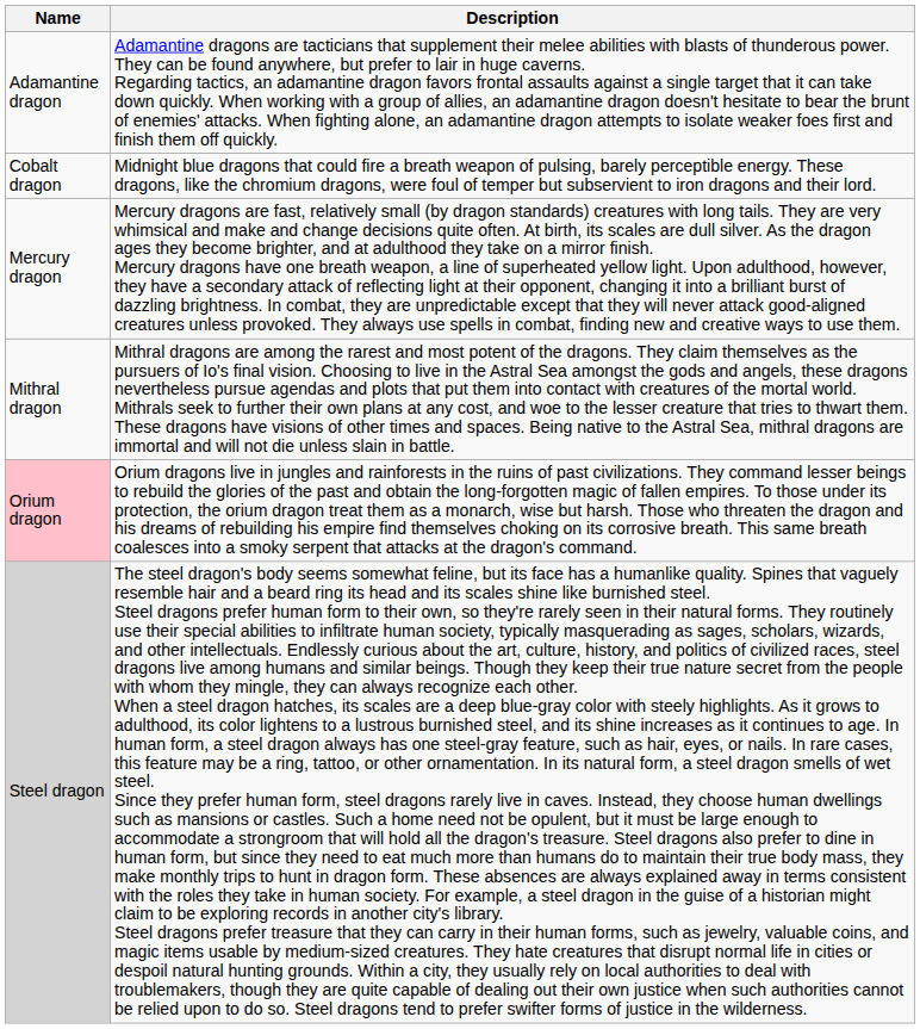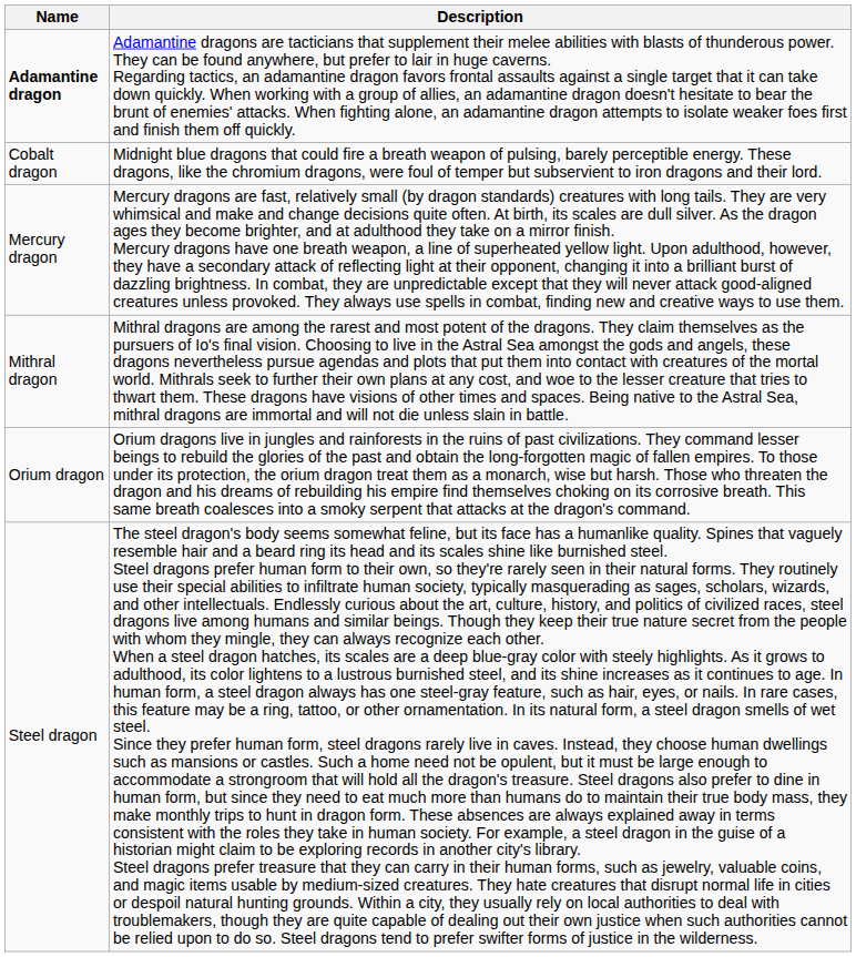 <table class="wikitable">
 <tr>
 <th>Name</th>
 <th>Description</th>
 </tr>
 <tr>
-<td>Adamantine dragon</td>
+<td><strong>Adamantine dragon</strong></td>
 <td><a href='#'>Adamantine</a> dragons are tacticians that supplement their melee abilities with blasts of thunderous power. They can be found anywhere, but prefer to lair in huge caverns.<br>Regarding tactics, an adamantine dragon favors frontal assaults against a single target that it can take down quickly. When working with a group of allies, an adamantine dragon doesn't hesitate to bear the brunt of enemies' attacks. When fighting alone, an adamantine dragon attempts to isolate weaker foes first and finish them off quickly.</td>
 </tr>
 <tr>
 <td>Cobalt dragon</td>
 <td>Midnight blue dragons that could fire a breath weapon of pulsing, barely perceptible energy. These dragons, like the chromium dragons, were foul of temper but subservient to iron dragons and their lord.</td>
 </tr>
 <tr>
 <td>Mercury dragon</td>
 <td>Mercury dragons are fast, relatively small (by dragon standards) creatures with long tails. They are very whimsical and make and change decisions quite often. At birth, its scales are dull silver. As the dragon ages they become brighter, and at adulthood they take on a mirror finish.<br>Mercury dragons have one breath weapon, a line of superheated yellow light. Upon adulthood, however, they have a secondary attack of reflecting light at their opponent, changing it into a brilliant burst of dazzling brightness. In combat, they are unpredictable except that they will never attack good-aligned creatures unless provoked. They always use spells in combat, finding new and creative ways to use them.</td>
 </tr>
 <tr>
 <td>Mithral dragon</td>
 <td>Mithral dragons are among the rarest and most potent of the dragons. They claim themselves as the pursuers of Io's final vision. Choosing to live in the Astral Sea amongst the gods and angels, these dragons nevertheless pursue agendas and plots that put them into contact with creatures of the mortal world. Mithrals seek to further their own plans at any cost, and woe to the lesser creature that tries to thwart them. These dragons have visions of other times and spaces. Being native to the Astral Sea, mithral dragons are immortal and will not die unless slain in battle.</td>
 </tr>
 <tr>
-<td style="background: pink;">Orium dragon</td>
+<td>Orium dragon</td>
 <td>Orium dragons live in jungles and rainforests in the ruins of past civilizations. They command lesser beings to rebuild the glories of the past and obtain the long-forgotten magic of fallen empires. To those under its protection, the orium dragon treat them as a monarch, wise but harsh. Those who threaten the dragon and his dreams of rebuilding his empire find themselves choking on its corrosive breath. This same breath coalesces into a smoky serpent that attacks at the dragon's command.</td>
 </tr>
 <tr>
-<td style="background: lightgrey;">Steel dragon</td>
+<td>Steel dragon</td>
 <td>The steel dragon's body seems somewhat feline, but its face has a humanlike quality. Spines that vaguely resemble hair and a beard ring its head and its scales shine like burnished steel.<br>Steel dragons prefer human form to their own, so they're rarely seen in their natural forms. They routinely use their special abilities to infiltrate human society, typically masquerading as sages, scholars, wizards, and other intellectuals. Endlessly curious about the art, culture, history, and politics of civilized races, steel dragons live among humans and similar beings. Though they keep their true nature secret from the people with whom they mingle, they can always recognize each other.<br>When a steel dragon hatches, its scales are a deep blue-gray color with steely highlights. As it grows to adulthood, its color lightens to a lustrous burnished steel, and its shine increases as it continues to age. In human form, a steel dragon always has one steel-gray feature, such as hair, eyes, or nails. In rare cases, this feature may be a ring, tattoo, or other ornamentation. In its natural form, a steel dragon smells of wet steel.<br>Since they prefer human form, steel dragons rarely live in caves. Instead, they choose human dwellings such as mansions or castles. Such a home need not be opulent, but it must be large enough to accommodate a strongroom that will hold all the dragon's treasure. Steel dragons also prefer to dine in human form, but since they need to eat much more than humans do to maintain their true body mass, they make monthly trips to hunt in dragon form. These absences are always explained away in terms consistent with the roles they take in human society. For example, a steel dragon in the guise of a historian might claim to be exploring records in another city's library.<br>Steel dragons prefer treasure that they can carry in their human forms, such as jewelry, valuable coins, and magic items usable by medium-sized creatures. They hate creatures that disrupt normal life in cities or despoil natural hunting grounds. Within a city, they usually rely on local authorities to deal with troublemakers, though they are quite capable of dealing out their own justice when such authorities cannot be relied upon to do so. Steel dragons tend to prefer swifter forms of justice in the wilderness.</td>
 </tr>
 </table>
